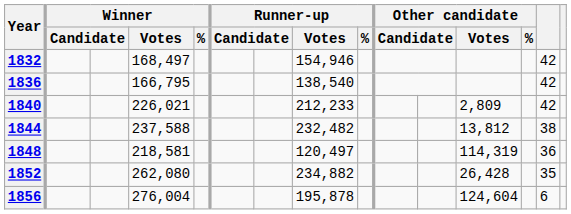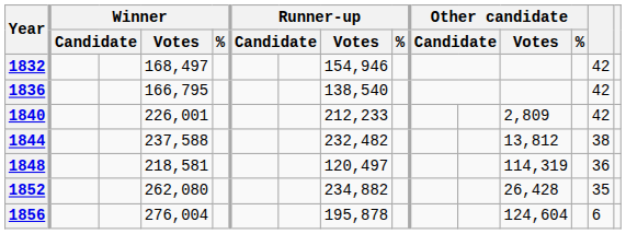 <table class="wikitable sortable">
 <tr>
 <th scope=col rowspan="2">Year</th>
 <th scope="colgroup" style="border-left:3px solid darkgray;" colspan="4">Winner</th>
 <th scope="colgroup" style="border-left:3px solid darkgray;" colspan="4">Runner-up</th>
 <th scope="colgroup" style="border-left:3px solid darkgray;" colspan="4">Other candidate</th>
 <th scope="col" class="unsortable" rowspan="2"></th>
 <th scope="col" class="unsortable" rowspan="2"></th>
 </tr>
 <tr>
 <th scope="colgroup" style="border-left:3px solid darkgray;" colspan="2">Candidate</th>
 <th scope="col" data-sort-type="number">Votes</th>
 <th scope="col"  data-sort-type="number">%</th>
 <th scope="colgroup" style="border-left:3px solid darkgray;" colspan="2">Candidate</th>
 <th scope="col"  data-sort-type="number">Votes</th>
 <th scope="col"  data-sort-type="number">%</th>
 <th scope="colgroup"  scope="col" style="border-left:3px solid darkgray;" colspan="2">Candidate</th>
 <th scope="col"  data-sort-type="number">Votes</th>
 <th scope="col"  data-sort-type="number">%</th>
 </tr>
 <tr>
 <th scope="row"> <a href='#'>1832</a></th>
 <td style="text-align:left; border-left:3px solid darkgray; background-color:"></td>
 <td><strong></strong> </td>
 <td>168,497</td>
 <td></td>
 <td style="text-align:left; border-left:3px solid darkgray; background-color:"></td>
 <td> </td>
 <td>154,946</td>
 <td></td>
 <td style="border-left:3px solid darkgray;"colspan="2"></td>
 <td></td>
 <td></td>
 <td>42</td>
 <td></td>
 </tr>
 <tr>
 <th scope="row"> <a href='#'>1836</a></th>
 <td style="text-align:left; border-left:3px solid darkgray; background-color:"></td>
 <td><strong></strong> </td>
 <td>166,795</td>
 <td></td>
 <td style="text-align:left; border-left:3px solid darkgray; background-color:"></td>
 <td> </td>
 <td>138,540</td>
 <td></td>
 <td style="border-left:3px solid darkgray;"colspan="2"></td>
 <td></td>
 <td></td>
 <td>42</td>
 <td></td>
 </tr>
 <tr>
 <th scope="row"> <a href='#'>1840</a></th>
 <td style="text-align:left; border-left:3px solid darkgray; background-color:"></td>
 <td><strong></strong> </td>
-<td>226,021</td>
+<td>226,001</td>
 <td></td>
 <td style="text-align:left; border-left:3px solid darkgray; background-color:"></td>
 <td> </td>
 <td>212,233</td>
 <td></td>
 <td style="text-align:left; border-left:3px solid darkgray; background-color:"></td>
 <td> </td>
 <td>2,809</td>
 <td></td>
 <td>42</td>
 <td></td>
 </tr>
 <tr>
 <th scope="row"> <a href='#'>1844</a></th>
 <td style="text-align:left; border-left:3px solid darkgray; background-color:"></td>
 <td><strong></strong> </td>
 <td>237,588</td>
 <td></td>
 <td style="text-align:left; border-left:3px solid darkgray; background-color:"></td>
 <td> </td>
 <td>232,482</td>
 <td></td>
 <td style="text-align:left; border-left:3px solid darkgray; background-color:"></td>
 <td> </td>
 <td>13,812</td>
 <td></td>
 <td>38</td>
 <td></td>
 </tr>
 <tr>
 <th scope="row"> <a href='#'>1848</a></th>
 <td style="text-align:left; border-left:3px solid darkgray; background-color:"></td>
 <td><strong></strong> </td>
 <td>218,581</td>
 <td></td>
 <td style="text-align:left; border-left:3px solid darkgray; background-color:"></td>
 <td> </td>
 <td>120,497</td>
 <td></td>
 <td style="text-align:left; border-left:3px solid darkgray; background-color:"></td>
 <td> </td>
 <td>114,319</td>
 <td></td>
 <td>36</td>
 <td></td>
 </tr>
 <tr>
 <th scope="row"> <a href='#'>1852</a></th>
 <td style="text-align:left; border-left:3px solid darkgray; background-color:"></td>
 <td><strong></strong> </td>
 <td>262,080</td>
 <td></td>
 <td style="text-align:left; border-left:3px solid darkgray; background-color:"></td>
 <td> </td>
 <td>234,882</td>
 <td></td>
 <td style="text-align:left; border-left:3px solid darkgray; background-color:"></td>
 <td> </td>
 <td>26,428</td>
 <td></td>
 <td>35</td>
 <td></td>
 </tr>
 <tr>
 <th scope="row"> <a href='#'>1856</a></th>
 <td style="text-align:left; border-left:3px solid darkgray; background-color:"></td>
 <td><strong></strong> </td>
 <td>276,004</td>
 <td></td>
 <td style="text-align:left; border-left:3px solid darkgray; background-color:"></td>
 <td> </td>
 <td>195,878</td>
 <td></td>
 <td style="text-align:left; border-left:3px solid darkgray; background-color:"></td>
 <td> </td>
 <td>124,604</td>
 <td></td>
 <td>6</td>
 <td></td>
 </tr>
 </table>
